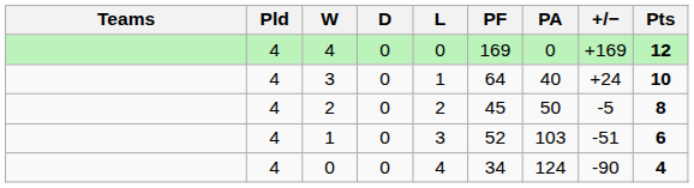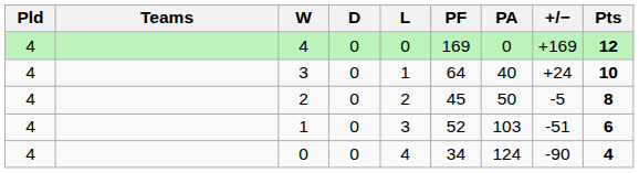 <table class="wikitable" style="text-align: center;">
 <tr>
+<th width="40">Pld</th>
 <th width="200">Teams</th>
-<th width="40">Pld</th>
 <th width="40">W</th>
 <th width="40">D</th>
 <th width="40">L</th>
 <th width="40">PF</th>
 <th width="40">PA</th>
 <th width="40">+/−</th>
 <th width="40">Pts</th>
 </tr>
 <tr style="background-color:#bbf3bb;">
+<td>4</td>
 <td align=left></td>
-<td>4</td>
 <td>4</td>
 <td>0</td>
 <td>0</td>
 <td>169</td>
 <td>0</td>
 <td>+169</td>
 <td><strong>12</strong></td>
 </tr>
 <tr>
+<td>4</td>
 <td align=left></td>
-<td>4</td>
 <td>3</td>
 <td>0</td>
 <td>1</td>
 <td>64</td>
 <td>40</td>
 <td>+24</td>
 <td><strong>10</strong></td>
 </tr>
 <tr>
+<td>4</td>
 <td align=left></td>
-<td>4</td>
 <td>2</td>
 <td>0</td>
 <td>2</td>
 <td>45</td>
 <td>50</td>
 <td>-5</td>
 <td><strong>8</strong></td>
 </tr>
 <tr>
+<td>4</td>
 <td align=left></td>
-<td>4</td>
 <td>1</td>
 <td>0</td>
 <td>3</td>
 <td>52</td>
 <td>103</td>
 <td>-51</td>
 <td><strong>6</strong></td>
 </tr>
 <tr>
+<td>4</td>
 <td align=left></td>
-<td>4</td>
 <td>0</td>
 <td>0</td>
 <td>4</td>
 <td>34</td>
 <td>124</td>
 <td>-90</td>
 <td><strong>4</strong></td>
 </tr>
 </table>
